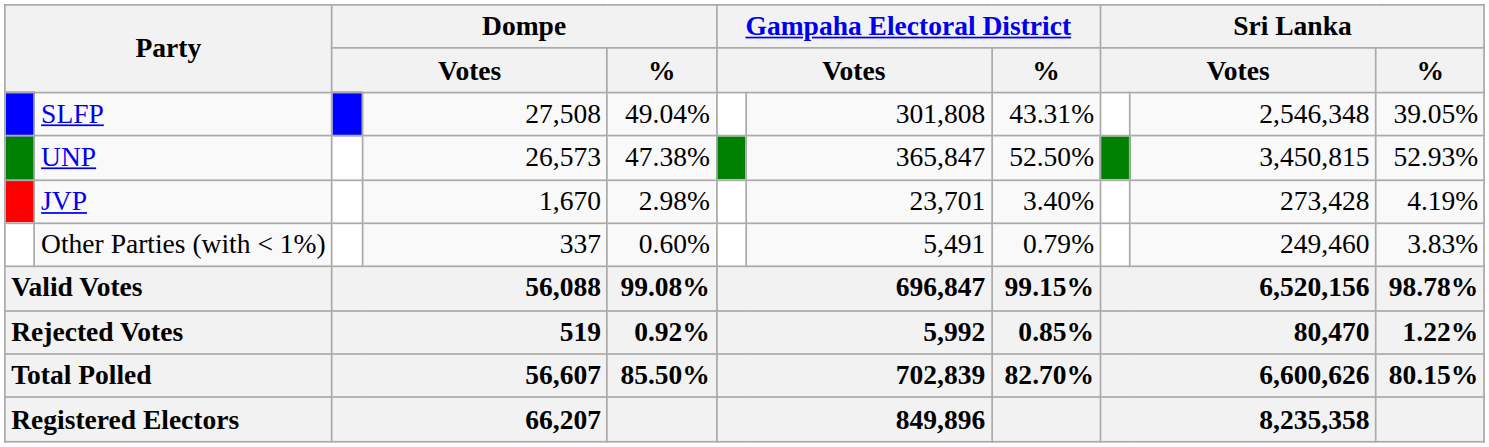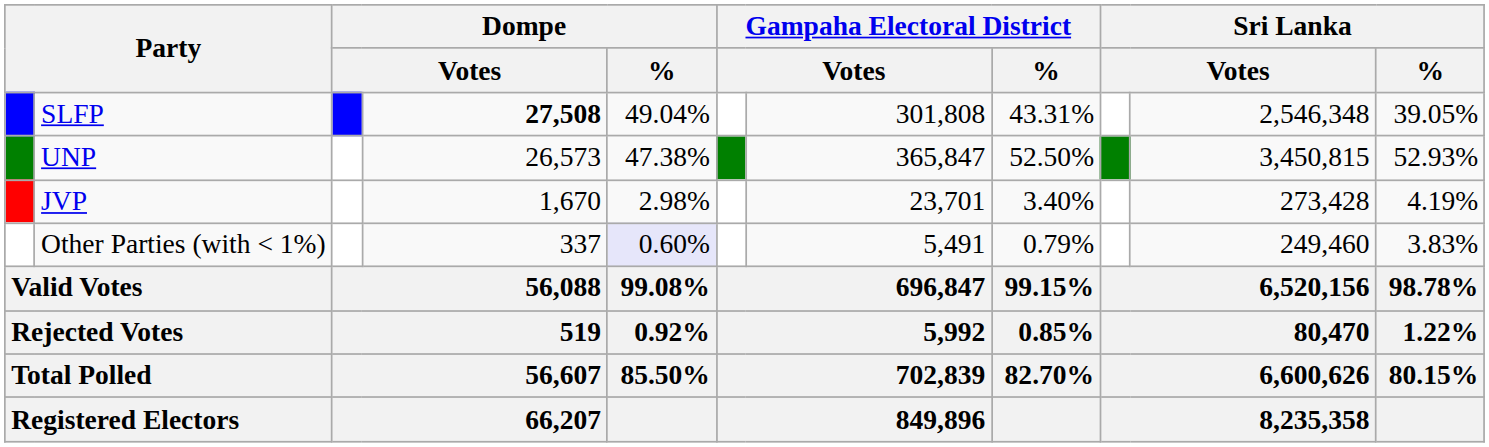 <table class="wikitable">
 <tr>
 <th colspan="2" width="144px"rowspan="2">Party</th>
 <th colspan="3" width="216px">Dompe</th>
 <th colspan="3" width="216px"><a href='#'>Gampaha Electoral District</a></th>
 <th colspan="3" width="216px">Sri Lanka</th>
 </tr>
 <tr>
 <th colspan="2" width="144px">Votes</th>
 <th>%</th>
 <th colspan="2" width="144px">Votes</th>
 <th>%</th>
 <th colspan="2" width="144px">Votes</th>
 <th>%</th>
 </tr>
 <tr>
 <td style="background-color:blue;" width="10px"></td>
 <td style="text-align:left;"><a href='#'>SLFP</a></td>
 <td style="background-color:blue;" width="10px"></td>
-<td style="text-align:right;">27,508</td>
+<td style="text-align:right;"><strong>27,508</strong></td>
 <td style="text-align:right;">49.04%</td>
 <td style="background-color:white;" width="10px"></td>
 <td style="text-align:right;">301,808</td>
 <td style="text-align:right;">43.31%</td>
 <td style="background-color:white;" width="10px"></td>
 <td style="text-align:right;">2,546,348</td>
 <td style="text-align:right;">39.05%</td>
 </tr>
 <tr>
 <td style="background-color:green;" width="10px"></td>
 <td style="text-align:left;"><a href='#'>UNP</a></td>
 <td style="background-color:white;" width="10px"></td>
 <td style="text-align:right;">26,573</td>
 <td style="text-align:right;">47.38%</td>
 <td style="background-color:green;" width="10px"></td>
 <td style="text-align:right;">365,847</td>
 <td style="text-align:right;">52.50%</td>
 <td style="background-color:green;" width="10px"></td>
 <td style="text-align:right;">3,450,815</td>
 <td style="text-align:right;">52.93%</td>
 </tr>
 <tr>
 <td style="background-color:red;" width="10px"></td>
 <td style="text-align:left;"><a href='#'>JVP</a></td>
 <td style="background-color:white;" width="10px"></td>
 <td style="text-align:right;">1,670</td>
 <td style="text-align:right;">2.98%</td>
 <td style="background-color:white;" width="10px"></td>
 <td style="text-align:right;">23,701</td>
 <td style="text-align:right;">3.40%</td>
 <td style="background-color:white;" width="10px"></td>
 <td style="text-align:right;">273,428</td>
 <td style="text-align:right;">4.19%</td>
 </tr>
 <tr>
 <td style="background-color:white;" width="10px"></td>
 <td style="text-align:left;">Other Parties (with < 1%)</td>
 <td style="background-color:white;" width="10px"></td>
 <td style="text-align:right;">337</td>
-<td style="text-align:right;">0.60%</td>
+<td style="background: lavender; text-align:right;">0.60%</td>
 <td style="background-color:white;" width="10px"></td>
 <td style="text-align:right;">5,491</td>
 <td style="text-align:right;">0.79%</td>
 <td style="background-color:white;" width="10px"></td>
 <td style="text-align:right;">249,460</td>
 <td style="text-align:right;">3.83%</td>
 </tr>
 <tr>
 <th colspan="2" width="144px"style="text-align:left;">Valid Votes</th>
 <th style="text-align:right;"colspan="2" width="144px">56,088</th>
 <th style="text-align:right;">99.08%</th>
 <th style="text-align:right;"colspan="2" width="144px">696,847</th>
 <th style="text-align:right;">99.15%</th>
 <th style="text-align:right;"colspan="2" width="144px">6,520,156</th>
 <th style="text-align:right;">98.78%</th>
 </tr>
 <tr>
 <th colspan="2" width="144px"style="text-align:left;">Rejected Votes</th>
 <th style="text-align:right;"colspan="2" width="144px">519</th>
 <th style="text-align:right;">0.92%</th>
 <th style="text-align:right;"colspan="2" width="144px">5,992</th>
 <th style="text-align:right;">0.85%</th>
 <th style="text-align:right;"colspan="2" width="144px">80,470</th>
 <th style="text-align:right;">1.22%</th>
 </tr>
 <tr>
 <th colspan="2" width="144px"style="text-align:left;">Total Polled</th>
 <th style="text-align:right;"colspan="2" width="144px">56,607</th>
 <th style="text-align:right;">85.50%</th>
 <th style="text-align:right;"colspan="2" width="144px">702,839</th>
 <th style="text-align:right;">82.70%</th>
 <th style="text-align:right;"colspan="2" width="144px">6,600,626</th>
 <th style="text-align:right;">80.15%</th>
 </tr>
 <tr>
 <th colspan="2" width="144px"style="text-align:left;">Registered Electors</th>
 <th style="text-align:right;"colspan="2" width="144px">66,207</th>
 <th></th>
 <th style="text-align:right;"colspan="2" width="144px">849,896</th>
 <th></th>
 <th style="text-align:right;"colspan="2" width="144px">8,235,358</th>
 <th></th>
 </tr>
 </table>
